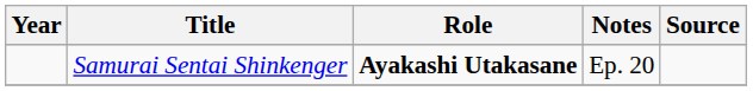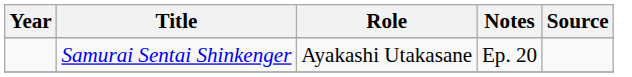 <table class="wikitable sortable plainrowheaders">
 <tr>
 <th>Year</th>
 <th>Title</th>
 <th>Role</th>
 <th class="unsortable">Notes</th>
 <th class="unsortable">Source</th>
 </tr>
 <tr>
 </tr>
 <tr>
 <td></td>
 <td><em><a href='#'>Samurai Sentai Shinkenger</a></em></td>
-<td><strong>Ayakashi Utakasane</strong></td>
+<td>Ayakashi Utakasane</td>
 <td>Ep. 20</td>
 <td></td>
 </tr>
 <tr>
 </tr>
 </table>
